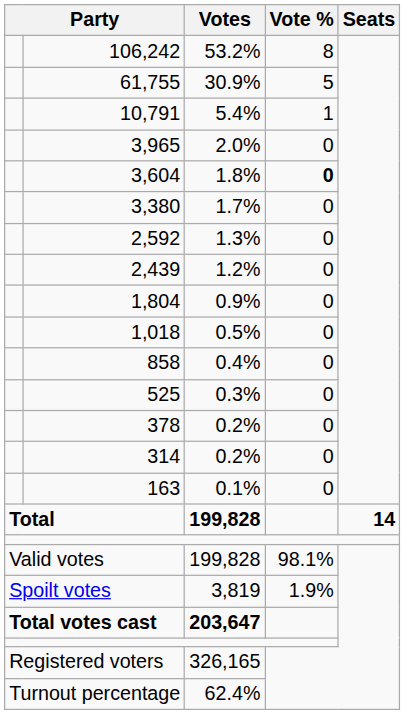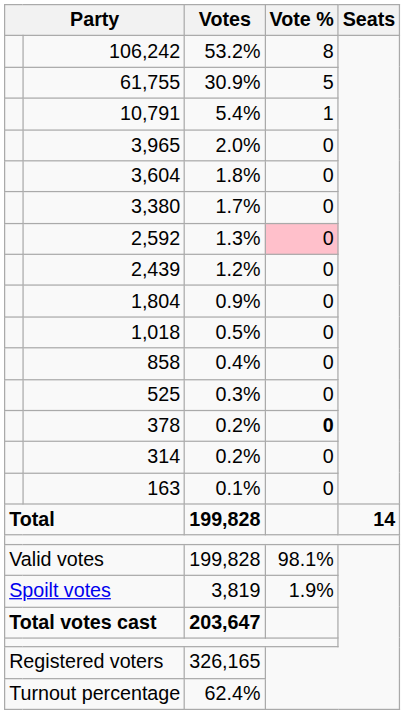 <table class=wikitable style="text-align:right">
 <tr>
 <th colspan=2>Party</th>
 <th>Votes</th>
 <th>Vote %</th>
 <th>Seats</th>
 </tr>
 <tr>
 <td></td>
 <td>106,242</td>
 <td>53.2%</td>
 <td>8</td>
 </tr>
 <tr>
 <td></td>
 <td>61,755</td>
 <td>30.9%</td>
 <td>5</td>
 </tr>
 <tr>
 <td></td>
 <td>10,791</td>
 <td>5.4%</td>
 <td>1</td>
 </tr>
 <tr>
 <td></td>
 <td>3,965</td>
 <td>2.0%</td>
 <td>0</td>
 </tr>
 <tr>
 <td></td>
 <td>3,604</td>
 <td>1.8%</td>
-<td><strong>0</strong></td>
+<td>0</td>
 </tr>
 <tr>
 <td></td>
 <td>3,380</td>
 <td>1.7%</td>
 <td>0</td>
 </tr>
 <tr>
 <td></td>
 <td>2,592</td>
 <td>1.3%</td>
-<td>0</td>
+<td style="background: pink;">0</td>
 </tr>
 <tr>
 <td></td>
 <td>2,439</td>
 <td>1.2%</td>
 <td>0</td>
 </tr>
 <tr>
 <td></td>
 <td>1,804</td>
 <td>0.9%</td>
 <td>0</td>
 </tr>
 <tr>
 <td></td>
 <td>1,018</td>
 <td>0.5%</td>
 <td>0</td>
 </tr>
 <tr>
 <td></td>
 <td>858</td>
 <td>0.4%</td>
 <td>0</td>
 </tr>
 <tr>
 <td></td>
 <td>525</td>
 <td>0.3%</td>
 <td>0</td>
 </tr>
 <tr>
 <td></td>
 <td>378</td>
 <td>0.2%</td>
-<td>0</td>
+<td><strong>0</strong></td>
 </tr>
 <tr>
 <td></td>
 <td>314</td>
 <td>0.2%</td>
 <td>0</td>
 </tr>
 <tr>
 <td></td>
 <td>163</td>
 <td>0.1%</td>
 <td>0</td>
 </tr>
 <tr>
 <td colspan=2 style="text-align:left"><strong>Total</strong></td>
 <td><strong>199,828</strong></td>
 <td></td>
 <td><strong>14</strong></td>
 </tr>
 <tr>
 <td colspan=5></td>
 </tr>
 <tr>
 <td colspan=2 style="text-align:left">Valid votes</td>
 <td>199,828</td>
 <td>98.1%</td>
 </tr>
 <tr>
 <td colspan=2 style="text-align:left"><a href='#'>Spoilt votes</a></td>
 <td>3,819</td>
 <td>1.9%</td>
 </tr>
 <tr>
 <td colspan=2 style="text-align:left"><strong>Total votes cast</strong></td>
 <td><strong>203,647</strong></td>
 <td></td>
 </tr>
 <tr>
 <td colspan="4"></td>
 </tr>
 <tr>
 <td colspan=2 style="text-align:left">Registered voters</td>
 <td>326,165</td>
 </tr>
 <tr>
 <td colspan=2 style="text-align:left">Turnout percentage</td>
 <td>62.4%</td>
 </tr>
 </table>
